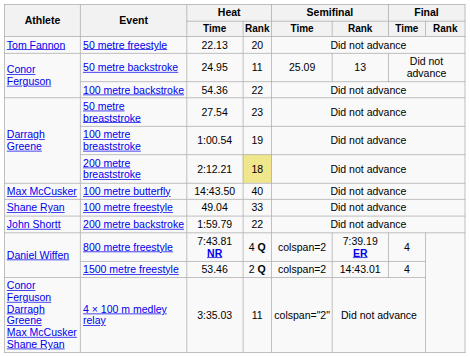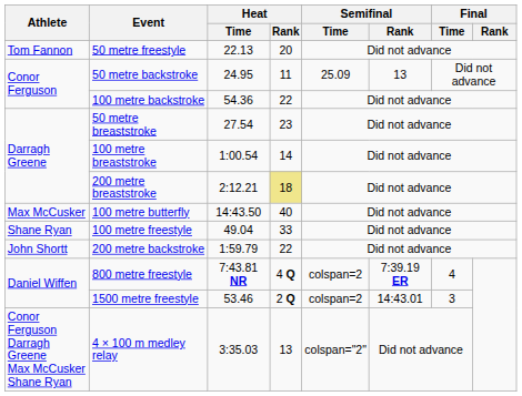 <table class="wikitable" style="text-align:center; font-size:90%; width:50%;">
 <tr>
 <th rowspan="2">Athlete</th>
 <th rowspan="2">Event</th>
 <th colspan="2">Heat</th>
 <th colspan="2">Semifinal</th>
 <th colspan="2">Final</th>
 </tr>
 <tr style="font-size:95%">
 <th>Time</th>
 <th>Rank</th>
 <th>Time</th>
 <th>Rank</th>
 <th>Time</th>
 <th>Rank</th>
 </tr>
 <tr>
 <td align=left><a href='#'>Tom Fannon</a></td>
 <td align=left><a href='#'>50 metre freestyle</a></td>
 <td>22.13</td>
 <td>20</td>
 <td colspan=4>Did not advance</td>
 </tr>
 <tr>
 <td align=left rowspan=2><a href='#'>Conor Ferguson</a></td>
 <td align=left><a href='#'>50 metre backstroke</a></td>
 <td>24.95</td>
 <td>11</td>
 <td>25.09</td>
 <td>13</td>
 <td colspan=2>Did not advance</td>
 </tr>
 <tr>
 <td align=left><a href='#'>100 metre backstroke</a></td>
 <td>54.36</td>
 <td>22</td>
 <td colspan=4>Did not advance</td>
 </tr>
 <tr>
 <td align=left rowspan=3><a href='#'>Darragh Greene</a></td>
 <td align=left><a href='#'>50 metre breaststroke</a></td>
 <td>27.54</td>
 <td>23</td>
 <td colspan=4>Did not advance</td>
 </tr>
 <tr>
 <td align=left><a href='#'>100 metre breaststroke</a></td>
 <td>1:00.54</td>
-<td>19</td>
+<td>14</td>
 <td colspan=4>Did not advance</td>
 </tr>
 <tr>
 <td align=left><a href='#'>200 metre breaststroke</a></td>
 <td>2:12.21</td>
 <td style="background: khaki;">18</td>
 <td colspan=4>Did not advance</td>
 </tr>
 <tr>
 <td align=left><a href='#'>Max McCusker</a></td>
 <td align=left><a href='#'>100 metre butterfly</a></td>
 <td>14:43.50</td>
 <td>40</td>
 <td colspan=4>Did not advance</td>
 </tr>
 <tr>
 <td align=left><a href='#'>Shane Ryan</a></td>
 <td align=left><a href='#'>100 metre freestyle</a></td>
 <td>49.04</td>
 <td>33</td>
 <td colspan=4>Did not advance</td>
 </tr>
 <tr>
 <td align=left><a href='#'>John Shortt</a></td>
 <td align=left><a href='#'>200 metre backstroke</a></td>
 <td>1:59.79</td>
 <td>22</td>
 <td colspan=4>Did not advance</td>
 </tr>
 <tr>
 <td align=left rowspan=2><a href='#'>Daniel Wiffen</a></td>
 <td align=left><a href='#'>800 metre freestyle</a></td>
 <td>7:43.81 <strong><a href='#'>NR</a></strong></td>
 <td>4 <strong>Q</strong></td>
 <td>colspan=2 </td>
 <td>7:39.19 <strong><a href='#'>ER</a></strong></td>
 <td>4</td>
 </tr>
 <tr>
 <td align=left><a href='#'>1500 metre freestyle</a></td>
 <td>53.46</td>
 <td>2 <strong>Q</strong></td>
 <td>colspan=2 </td>
 <td>14:43.01</td>
-<td>4</td>
+<td>3</td>
 </tr>
 <tr>
 <td align=left><a href='#'>Conor Ferguson</a><br><a href='#'>Darragh Greene</a> <br><a href='#'>Max McCusker</a> <br><a href='#'>Shane Ryan</a></td>
 <td align=left><a href='#'>4 × 100 m medley relay</a></td>
 <td>3:35.03</td>
-<td>11</td>
+<td>13</td>
 <td>colspan="2" </td>
 <td colspan=2>Did not advance</td>
 </tr>
 </table>
